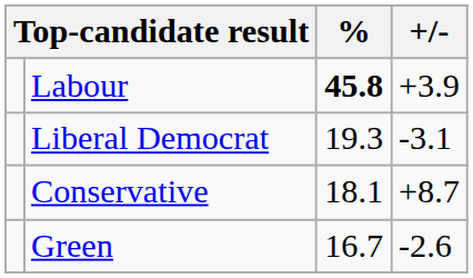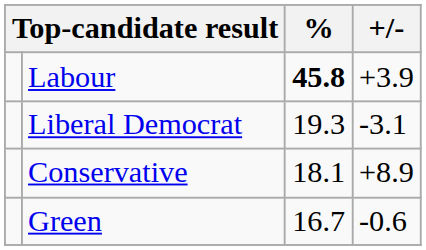 <table class="wikitable">
 <tr>
 <th colspan="2">Top-candidate result</th>
 <th>%</th>
 <th>+/-</th>
 </tr>
 <tr>
 <td style="background-color: "></td>
 <td><a href='#'>Labour</a></td>
 <td><strong>45.8</strong></td>
 <td>+3.9</td>
 </tr>
 <tr>
 <td style="background-color: "></td>
 <td><a href='#'>Liberal Democrat</a></td>
 <td>19.3</td>
 <td>-3.1</td>
 </tr>
 <tr>
 <td style="background-color: "></td>
 <td><a href='#'>Conservative</a></td>
 <td>18.1</td>
-<td>+8.7</td>
+<td>+8.9</td>
 </tr>
 <tr>
 <td style="background-color: "></td>
 <td><a href='#'>Green</a></td>
 <td>16.7</td>
-<td>-2.6</td>
+<td>-0.6</td>
 </tr>
 </table>
